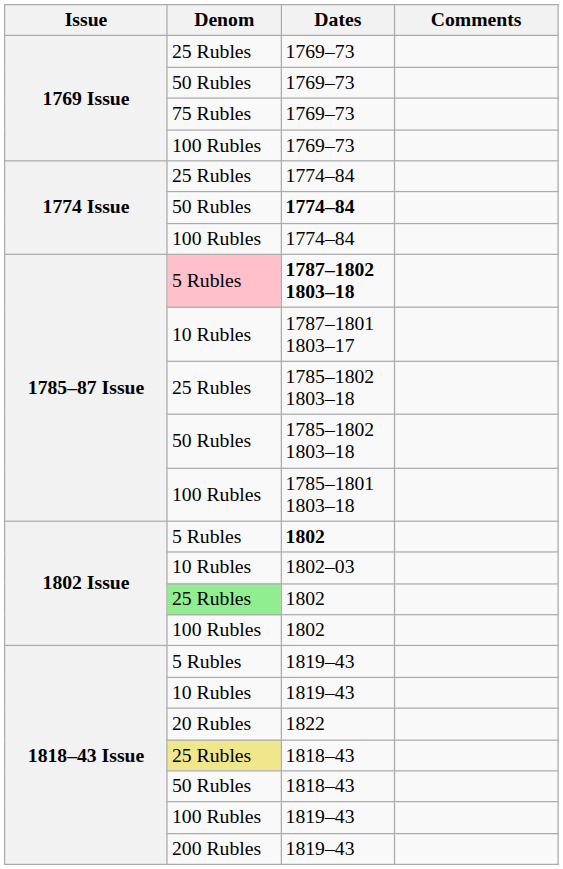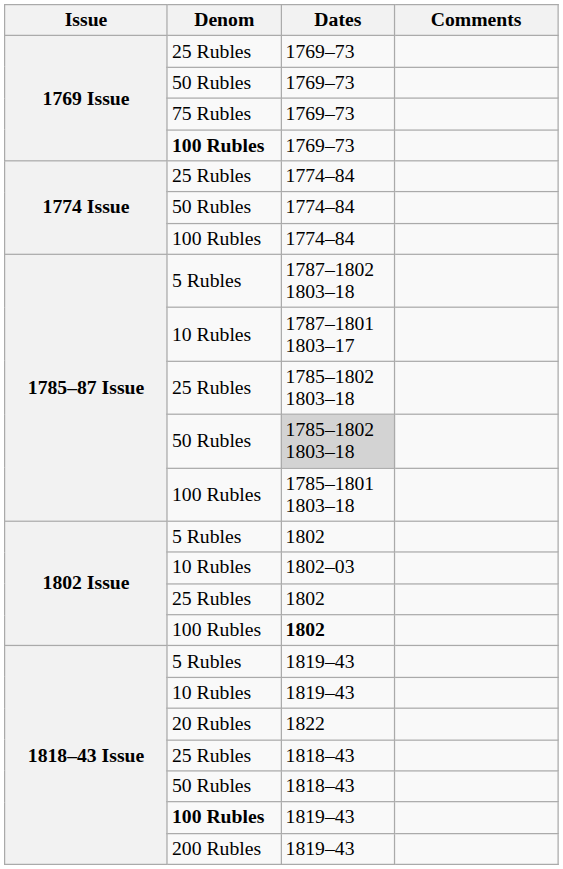 <table class="wikitable">
 <tr>
 <th scope="col" style="width:125px;">Issue</th>
 <th scope="col" style="width:85px;">Denom</th>
 <th scope="col" style="width:85px;">Dates</th>
 <th scope="col" style="width:125px;">Comments</th>
 </tr>
 <tr>
 <th rowspan="4">1769 Issue</th>
 <td>25 Rubles</td>
 <td>1769–73</td>
 <td></td>
 </tr>
 <tr>
 <td>50 Rubles</td>
 <td>1769–73</td>
 <td></td>
 </tr>
 <tr>
 <td>75 Rubles</td>
 <td>1769–73</td>
 <td></td>
 </tr>
 <tr>
-<td>100 Rubles</td>
+<td><strong>100 Rubles</strong></td>
 <td>1769–73</td>
 <td></td>
 </tr>
 <tr>
 <th rowspan="3">1774 Issue</th>
 <td>25 Rubles</td>
 <td>1774–84</td>
 <td></td>
 </tr>
 <tr>
 <td>50 Rubles</td>
-<td><strong>1774–84</strong></td>
+<td>1774–84</td>
 <td></td>
 </tr>
 <tr>
 <td>100 Rubles</td>
 <td>1774–84</td>
 <td></td>
 </tr>
 <tr>
 <th rowspan="5">1785–87 Issue</th>
-<td style="background: pink;">5 Rubles</td>
-<td><strong>1787–1802<br>1803–18</strong></td>
+<td>5 Rubles</td>
+<td>1787–1802<br>1803–18</td>
 <td></td>
 </tr>
 <tr>
 <td>10 Rubles</td>
 <td>1787–1801<br>1803–17</td>
 <td></td>
 </tr>
 <tr>
 <td>25 Rubles</td>
 <td>1785–1802<br>1803–18</td>
 <td></td>
 </tr>
 <tr>
 <td>50 Rubles</td>
-<td>1785–1802<br>1803–18</td>
+<td style="background: lightgrey;">1785–1802<br>1803–18</td>
 <td></td>
 </tr>
 <tr>
 <td>100 Rubles</td>
 <td>1785–1801<br>1803–18</td>
 <td></td>
 </tr>
 <tr>
 <th rowspan="4">1802 Issue</th>
 <td>5 Rubles</td>
-<td><strong>1802</strong></td>
+<td>1802</td>
 <td></td>
 </tr>
 <tr>
 <td>10 Rubles</td>
 <td>1802–03</td>
 <td></td>
 </tr>
 <tr>
-<td style="background: lightgreen;">25 Rubles</td>
+<td>25 Rubles</td>
 <td>1802</td>
 <td></td>
 </tr>
 <tr>
 <td>100 Rubles</td>
-<td>1802</td>
+<td><strong>1802</strong></td>
 <td></td>
 </tr>
 <tr>
 <th rowspan="7">1818–43 Issue</th>
 <td>5 Rubles</td>
 <td>1819–43</td>
 <td></td>
 </tr>
 <tr>
 <td>10 Rubles</td>
 <td>1819–43</td>
 <td></td>
 </tr>
 <tr>
 <td>20 Rubles</td>
 <td>1822</td>
 <td></td>
 </tr>
 <tr>
-<td style="background: khaki;">25 Rubles</td>
+<td>25 Rubles</td>
 <td>1818–43</td>
 <td></td>
 </tr>
 <tr>
 <td>50 Rubles</td>
 <td>1818–43</td>
 <td></td>
 </tr>
 <tr>
-<td>100 Rubles</td>
+<td><strong>100 Rubles</strong></td>
 <td>1819–43</td>
 <td></td>
 </tr>
 <tr>
 <td>200 Rubles</td>
 <td>1819–43</td>
 <td></td>
 </tr>
 </table>
